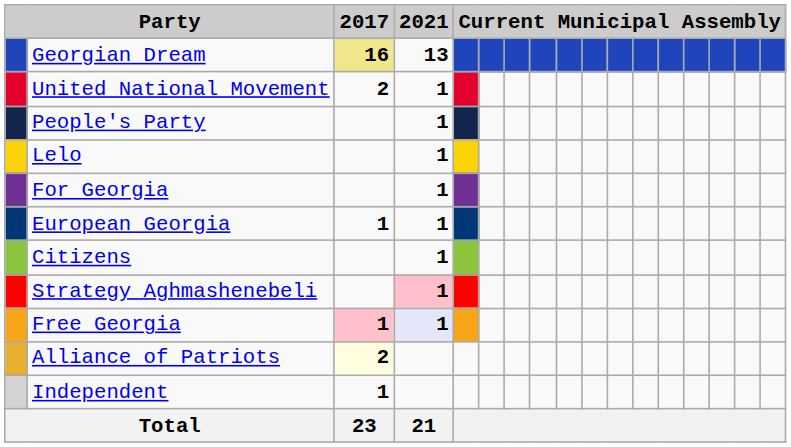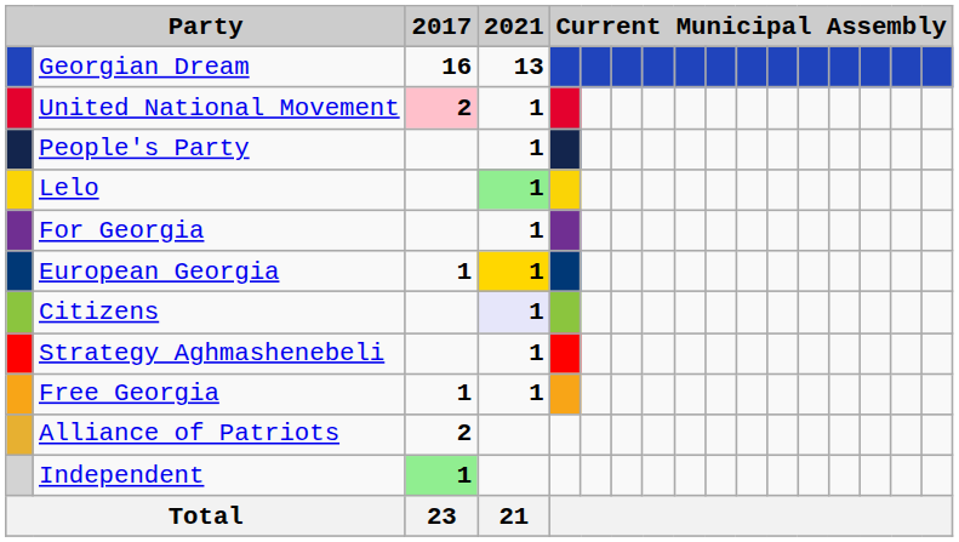 <table class="wikitable">
 <tr>
 <th style="background:#ccc" colspan="2">Party</th>
 <th style="background:#ccc">2017</th>
 <th style="background:#ccc">2021</th>
 <th style="background:#ccc" colspan="45">Current Municipal Assembly</th>
 </tr>
 <tr>
 <td style="background-color: #2044bc"> </td>
 <td><a href='#'>Georgian Dream</a></td>
-<td style="background: khaki; text-align: right"><strong>16</strong></td>
+<td style="text-align: right"><strong>16</strong></td>
 <td style="text-align: right"><strong>13</strong></td>
 <td style="background-color: #2044bc"></td>
 <td style="background-color: #2044bc"> </td>
 <td style="background-color: #2044bc"> </td>
 <td style="background-color: #2044bc"> </td>
 <td style="background-color: #2044bc"> </td>
 <td style="background-color: #2044bc"> </td>
 <td style="background-color: #2044bc"> </td>
 <td style="background-color: #2044bc"> </td>
 <td style="background-color: #2044bc"> </td>
 <td style="background-color: #2044bc"> </td>
 <td style="background-color: #2044bc"> </td>
 <td style="background-color: #2044bc"> </td>
 <td style="background-color: #2044bc"> </td>
 </tr>
 <tr>
 <td style="background-color: #e4012e"> </td>
 <td><a href='#'>United National Movement</a></td>
-<td style="text-align: right"><strong>2</strong></td>
+<td style="background: pink; text-align: right"><strong>2</strong></td>
 <td style="text-align: right"><strong>1</strong></td>
 <td style="background-color: #e4012e"> </td>
 <td></td>
 <td></td>
 <td></td>
 <td></td>
 <td></td>
 <td></td>
 <td></td>
 <td></td>
 <td></td>
 <td></td>
 <td></td>
 <td></td>
 </tr>
 <tr>
 <td style="background-color: #13254d"> </td>
 <td><a href='#'>People's Party</a></td>
 <td></td>
 <td style="text-align: right"><strong>1</strong></td>
 <td style="background-color: #13254d"> </td>
 <td></td>
 <td></td>
 <td></td>
 <td></td>
 <td></td>
 <td></td>
 <td></td>
 <td></td>
 <td></td>
 <td></td>
 <td></td>
 <td></td>
 </tr>
 <tr>
 <td style="background-color: #fad406"> </td>
 <td><a href='#'>Lelo</a></td>
 <td></td>
-<td style="text-align: right"><strong>1</strong></td>
+<td style="background: lightgreen; text-align: right"><strong>1</strong></td>
 <td style="background-color: #fad406"> </td>
 <td></td>
 <td></td>
 <td></td>
 <td></td>
 <td></td>
 <td></td>
 <td></td>
 <td></td>
 <td></td>
 <td></td>
 <td></td>
 <td></td>
 </tr>
 <tr>
 <td style="background-color: #702F92"> </td>
 <td><a href='#'>For Georgia</a></td>
 <td></td>
 <td style="text-align: right"><strong>1</strong></td>
 <td style="background-color: #702f92"> </td>
 <td></td>
 <td></td>
 <td></td>
 <td></td>
 <td></td>
 <td></td>
 <td></td>
 <td></td>
 <td></td>
 <td></td>
 <td></td>
 <td></td>
 </tr>
 <tr>
 <td style="background-color: #003876"> </td>
 <td><a href='#'>European Georgia</a></td>
 <td style="text-align: right"><strong>1</strong></td>
-<td style="text-align: right"><strong>1</strong></td>
+<td style="background: gold; text-align: right"><strong>1</strong></td>
 <td style="background-color: #003876"> </td>
 <td></td>
 <td></td>
 <td></td>
 <td></td>
 <td></td>
 <td></td>
 <td></td>
 <td></td>
 <td></td>
 <td></td>
 <td></td>
 <td></td>
 </tr>
 <tr>
 <td style="background-color: #8bc53e"> </td>
 <td><a href='#'>Citizens</a></td>
 <td></td>
-<td style="text-align: right"><strong>1</strong></td>
+<td style="background: lavender; text-align: right"><strong>1</strong></td>
 <td style="background-color: #8bc53e"> </td>
 <td></td>
 <td></td>
 <td></td>
 <td></td>
 <td></td>
 <td></td>
 <td></td>
 <td></td>
 <td></td>
 <td></td>
 <td></td>
 <td></td>
 </tr>
 <tr>
 <td style="background-color: #ff0000"> </td>
 <td><a href='#'>Strategy Aghmashenebeli</a></td>
 <td></td>
-<td style="background: pink; text-align: right"><strong>1</strong></td>
+<td style="text-align: right"><strong>1</strong></td>
 <td style="background-color: #ff0000"> </td>
 <td></td>
 <td></td>
 <td></td>
 <td></td>
 <td></td>
 <td></td>
 <td></td>
 <td></td>
 <td></td>
 <td></td>
 <td></td>
 <td></td>
 </tr>
 <tr>
 <td style="background-color: #f8A517"> </td>
 <td><a href='#'>Free Georgia</a></td>
-<td style="background: pink; text-align: right"><strong>1</strong></td>
-<td style="background: lavender; text-align: right"><strong>1</strong></td>
+<td style="text-align: right"><strong>1</strong></td>
+<td style="text-align: right"><strong>1</strong></td>
 <td style="background-color: #f8A517"> </td>
 <td></td>
 <td></td>
 <td></td>
 <td></td>
 <td></td>
 <td></td>
 <td></td>
 <td></td>
 <td></td>
 <td></td>
 <td></td>
 <td></td>
 </tr>
 <tr>
 <td style="background-color: #e7b031"> </td>
 <td><a href='#'>Alliance of Patriots</a></td>
-<td style="background: lightyellow; text-align: right"><strong>2</strong></td>
+<td style="text-align: right"><strong>2</strong></td>
 <td></td>
 <td></td>
 <td></td>
 <td></td>
 <td></td>
 <td></td>
 <td></td>
 <td></td>
 <td></td>
 <td></td>
 <td></td>
 <td></td>
 <td></td>
 <td></td>
 </tr>
 <tr>
 <td style="background-color: lightgrey"> </td>
 <td><a href='#'>Independent</a></td>
-<td style="text-align: right"><strong>1</strong></td>
+<td style="background: lightgreen; text-align: right"><strong>1</strong></td>
 <td></td>
 <td></td>
 <td></td>
 <td></td>
 <td></td>
 <td></td>
 <td></td>
 <td></td>
 <td></td>
 <td></td>
 <td></td>
 <td></td>
 <td></td>
 <td></td>
 </tr>
 <tr>
 <th colspan=2>Total</th>
 <th align=right>23</th>
 <th align=right>21</th>
 <th colspan=45> </th>
 </tr>
 </table>
